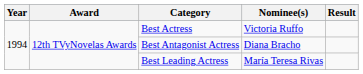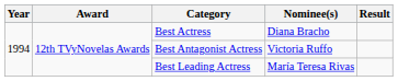 <table class="wikitable">
 <tr style="background:#b0c4de;">
 <th>Year</th>
 <th>Award</th>
 <th>Category</th>
 <th>Nominee(s)</th>
 <th>Result</th>
 </tr>
 <tr>
 <td rowspan=3>1994</td>
 <td rowspan=3><a href='#'>12th TVyNovelas Awards</a></td>
 <td><a href='#'>Best Actress</a></td>
-<td><a href='#'>Victoria Ruffo</a></td>
+<td><a href='#'>Diana Bracho</a></td>
 <td></td>
 </tr>
 <tr>
 <td><a href='#'>Best Antagonist Actress</a></td>
-<td><a href='#'>Diana Bracho</a></td>
+<td><a href='#'>Victoria Ruffo</a></td>
 <td></td>
 </tr>
 <tr>
 <td><a href='#'>Best Leading Actress</a></td>
 <td><a href='#'>María Teresa Rivas</a></td>
 <td></td>
 </tr>
 </table>
